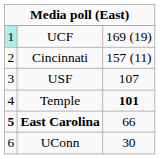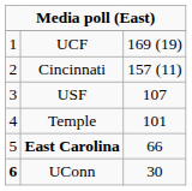 <table class="wikitable">
 <tr align="center">
 <td align="center" Colspan="3"><strong>Media poll (East)</strong></td>
 </tr>
 <tr align="center">
 </tr>
 <tr align="center">
-<td style="background: paleturquoise;">1</td>
+<td>1</td>
 <td>UCF</td>
 <td>169 (19)</td>
 </tr>
 <tr align="center">
 <td>2</td>
 <td>Cincinnati</td>
 <td>157 (11)</td>
 </tr>
 <tr align="center">
 <td>3</td>
 <td>USF</td>
 <td>107</td>
 </tr>
 <tr align="center">
 <td>4</td>
 <td>Temple</td>
-<td><strong>101</strong></td>
+<td>101</td>
 </tr>
 <tr align="center">
-<td><strong>5</strong></td>
+<td>5</td>
 <td><strong>East Carolina</strong></td>
 <td>66</td>
 </tr>
 <tr align="center">
-<td>6</td>
+<td><strong>6</strong></td>
 <td>UConn</td>
 <td>30</td>
 </tr>
 </table>
